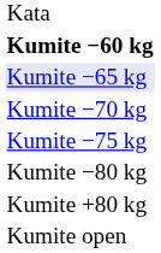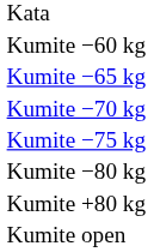 <table>
 <tr>
 <td>Kata</td>
 <td></td>
 <td></td>
 <td></td>
 </tr>
 <tr>
-<td><strong>Kumite −60 kg</strong></td>
+<td>Kumite −60 kg</td>
 <td></td>
 <td></td>
 <td></td>
 </tr>
 <tr>
-<td style="background: lavender;"><a href='#'>Kumite −65 kg</a></td>
+<td><a href='#'>Kumite −65 kg</a></td>
 <td></td>
 <td></td>
 <td></td>
 </tr>
 <tr>
 <td><a href='#'>Kumite −70 kg</a></td>
 <td></td>
 <td></td>
 <td></td>
 </tr>
 <tr>
 <td><a href='#'>Kumite −75 kg</a></td>
 <td></td>
 <td></td>
 <td></td>
 </tr>
 <tr>
 <td>Kumite −80 kg</td>
 <td></td>
 <td></td>
 <td></td>
 </tr>
 <tr>
 <td>Kumite +80 kg</td>
 <td></td>
 <td></td>
 <td></td>
 </tr>
 <tr>
 <td>Kumite open</td>
 <td></td>
 <td></td>
 <td></td>
 </tr>
 </table>
